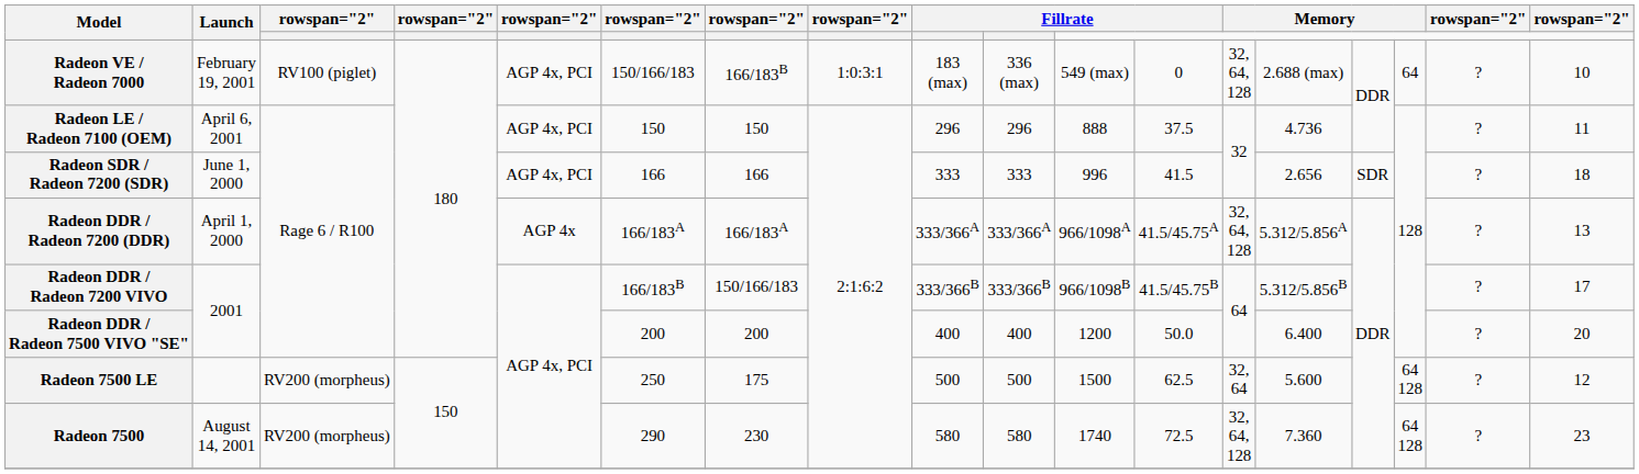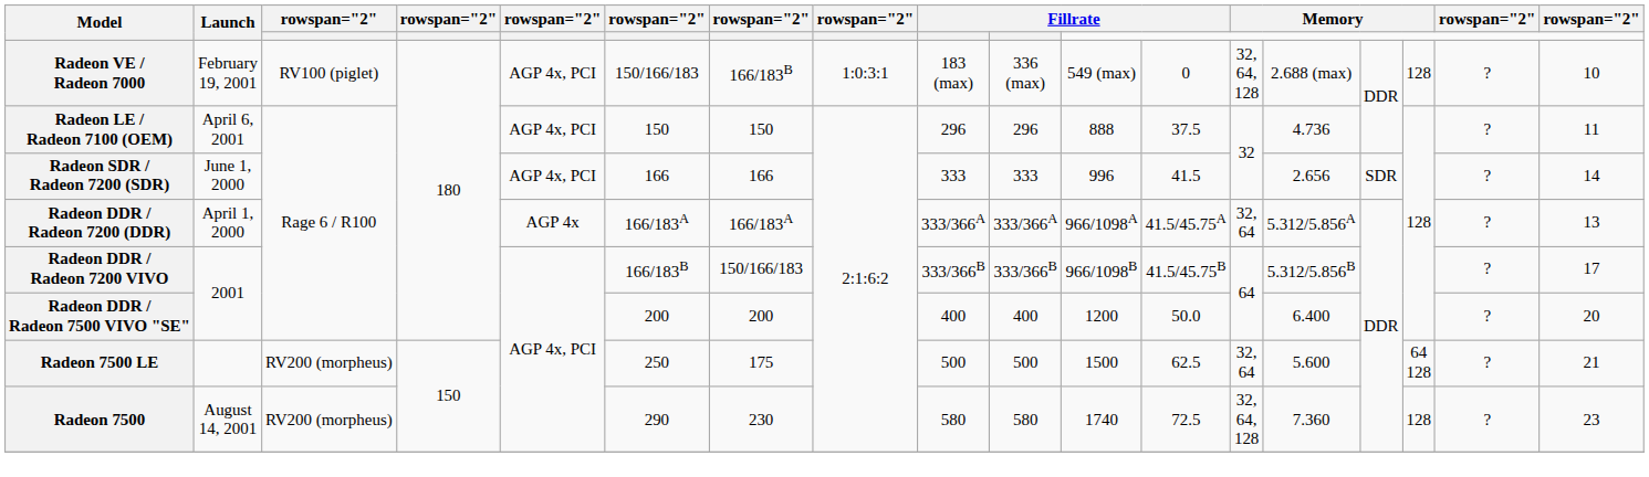 <table class="mw-datatable wikitable sortable" style="font-size:85%; text-align:center;">
 <tr>
 <th rowspan="2">Model</th>
 <th rowspan="2">Launch</th>
 <th>rowspan="2" </th>
 <th>rowspan="2" </th>
 <th>rowspan="2" </th>
 <th>rowspan="2" </th>
 <th>rowspan="2" </th>
 <th>rowspan="2" </th>
 <th colspan="4"><a href='#'>Fillrate</a></th>
 <th colspan="4">Memory</th>
 <th>rowspan="2" </th>
 <th>rowspan="2" </th>
 </tr>
 <tr>
 <th></th>
 <th></th>
 <th></th>
 <th></th>
 <th></th>
 <th></th>
 <th></th>
 <th></th>
 </tr>
 <tr>
 <th>Radeon VE / Radeon 7000</th>
 <td>February 19, 2001</td>
 <td>RV100 (piglet)</td>
 <td rowspan="6">180</td>
 <td>AGP 4x, PCI</td>
 <td>150/166/183</td>
 <td>166/183<sup>B</sup></td>
 <td>1:0:3:1</td>
 <td>183 (max)</td>
 <td>336 (max)</td>
 <td>549 (max)</td>
 <td>0</td>
 <td>32, 64, 128</td>
 <td>2.688 (max)</td>
 <td rowspan="2">DDR</td>
-<td>64</td>
+<td>128</td>
 <td>?</td>
 <td>10</td>
 </tr>
 <tr>
 <th>Radeon LE / Radeon 7100 (OEM)</th>
 <td>April 6, 2001</td>
 <td rowspan="5">Rage 6 / R100</td>
 <td>AGP 4x, PCI</td>
 <td>150</td>
 <td>150</td>
 <td rowspan="7">2:1:6:2</td>
 <td>296</td>
 <td>296</td>
 <td>888</td>
 <td>37.5</td>
 <td rowspan="2">32</td>
 <td>4.736</td>
 <td rowspan="5">128</td>
 <td>?</td>
 <td>11</td>
 </tr>
 <tr>
 <th>Radeon SDR / Radeon 7200 (SDR)</th>
 <td>June 1, 2000</td>
 <td>AGP 4x, PCI</td>
 <td>166</td>
 <td>166</td>
 <td>333</td>
 <td>333</td>
 <td>996</td>
 <td>41.5</td>
 <td>2.656</td>
 <td>SDR</td>
 <td>?</td>
-<td>18</td>
+<td>14</td>
 </tr>
 <tr>
 <th>Radeon DDR / Radeon 7200 (DDR)</th>
 <td>April 1, 2000</td>
 <td>AGP 4x</td>
 <td>166/183<sup>A</sup></td>
 <td>166/183<sup>A</sup></td>
 <td>333/366<sup>A</sup></td>
 <td>333/366<sup>A</sup></td>
 <td>966/1098<sup>A</sup></td>
 <td>41.5/45.75<sup>A</sup></td>
-<td>32, 64, 128</td>
+<td>32, 64</td>
 <td>5.312/5.856<sup>A</sup></td>
 <td rowspan="5">DDR</td>
 <td>?</td>
 <td>13</td>
 </tr>
 <tr>
 <th>Radeon DDR / Radeon 7200 VIVO</th>
 <td rowspan="2">2001</td>
 <td rowspan="4">AGP 4x, PCI</td>
 <td>166/183<sup>B</sup></td>
 <td>150/166/183</td>
 <td>333/366<sup>B</sup></td>
 <td>333/366<sup>B</sup></td>
 <td>966/1098<sup>B</sup></td>
 <td>41.5/45.75<sup>B</sup></td>
 <td rowspan="2">64</td>
 <td>5.312/5.856<sup>B</sup></td>
 <td>?</td>
 <td>17</td>
 </tr>
 <tr>
 <th>Radeon DDR / Radeon 7500 VIVO "SE"</th>
 <td>200</td>
 <td>200</td>
 <td>400</td>
 <td>400</td>
 <td>1200</td>
 <td>50.0</td>
 <td>6.400</td>
 <td>?</td>
 <td>20</td>
 </tr>
 <tr>
 <th>Radeon 7500 LE</th>
 <td></td>
 <td>RV200 (morpheus)</td>
 <td rowspan="2">150</td>
 <td>250</td>
 <td>175</td>
 <td>500</td>
 <td>500</td>
 <td>1500</td>
 <td>62.5</td>
 <td>32, 64</td>
 <td>5.600</td>
 <td>64<br>128</td>
 <td>?</td>
-<td>12</td>
+<td>21</td>
 </tr>
 <tr>
 <th>Radeon 7500</th>
 <td>August 14, 2001</td>
 <td>RV200 (morpheus)</td>
 <td>290</td>
 <td>230</td>
 <td>580</td>
 <td>580</td>
 <td>1740</td>
 <td>72.5</td>
 <td>32, 64, 128</td>
 <td>7.360</td>
-<td>64<br>128</td>
+<td>128</td>
 <td>?</td>
 <td>23</td>
 </tr>
 <tr>
 </tr>
 </table>
